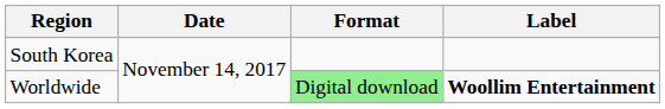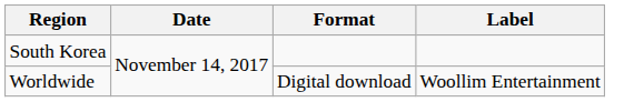 <table class = "wikitable plainrowheaders">
 <tr>
 <th>Region</th>
 <th>Date</th>
 <th>Format</th>
 <th>Label</th>
 </tr>
 <tr>
 <td>South Korea</td>
 <td rowspan="2">November 14, 2017</td>
 <td></td>
 <td></td>
 </tr>
 <tr>
 <td>Worldwide</td>
-<td style="background: lightgreen;">Digital download</td>
-<td><strong>Woollim Entertainment</strong></td>
+<td>Digital download</td>
+<td>Woollim Entertainment</td>
 </tr>
 </table>
